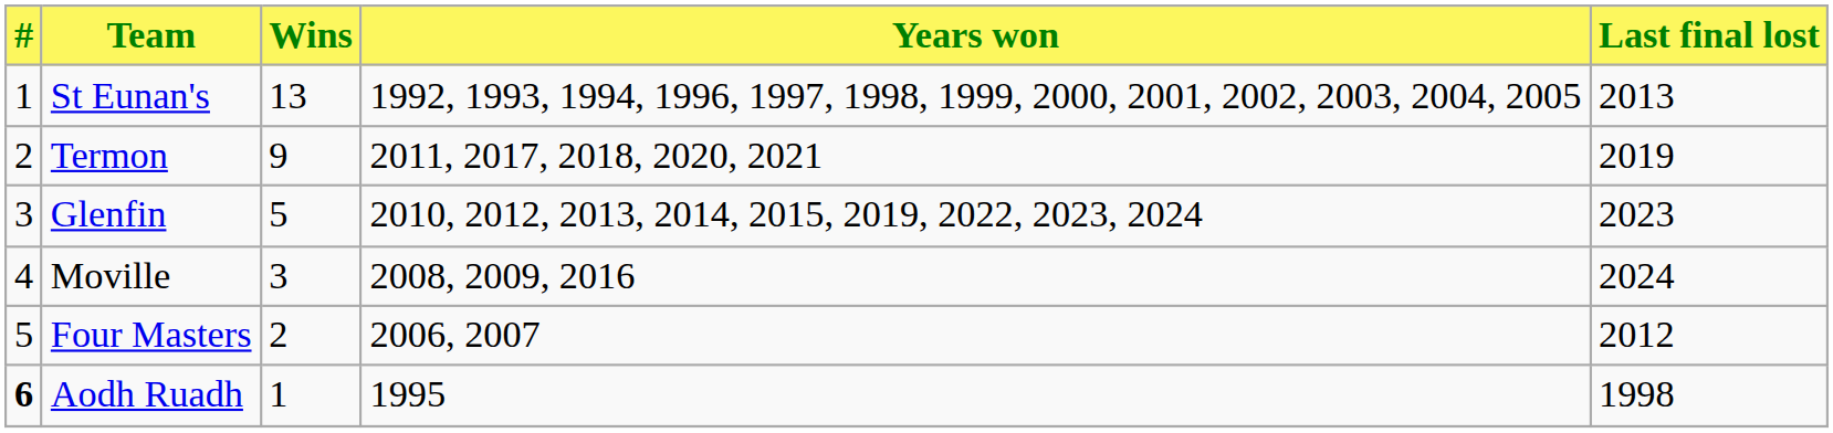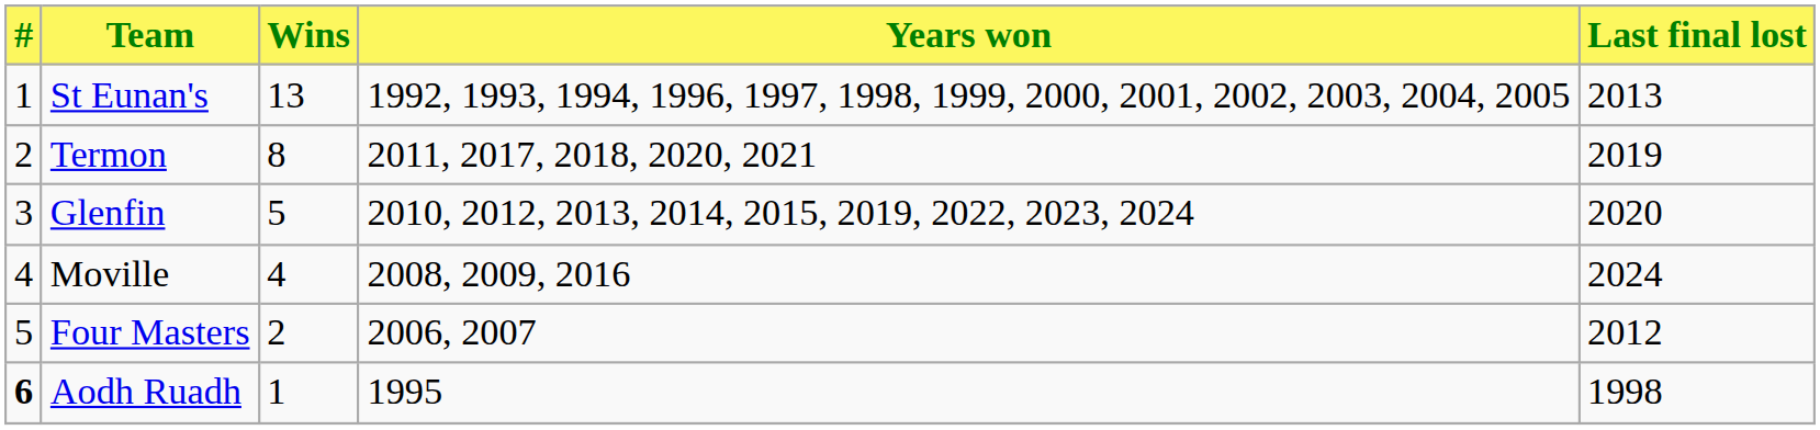 <table class="wikitable">
 <tr>
 <th style="background:#FCF75E;color:green;">#</th>
 <th style="background:#FCF75E;color:green;">Team</th>
 <th style="background:#FCF75E;color:green;">Wins</th>
 <th style="background:#FCF75E;color:green;">Years won</th>
 <th style="background:#FCF75E;color:green;">Last final lost</th>
 </tr>
 <tr>
 <td>1</td>
 <td><a href='#'>St Eunan's</a></td>
 <td>13</td>
 <td>1992, 1993, 1994, 1996, 1997, 1998, 1999, 2000, 2001, 2002, 2003, 2004, 2005</td>
 <td>2013</td>
 </tr>
 <tr>
 <td>2</td>
 <td><a href='#'>Termon</a></td>
-<td>9</td>
+<td>8</td>
 <td>2011, 2017, 2018, 2020, 2021</td>
 <td>2019</td>
 </tr>
 <tr>
 <td>3</td>
 <td><a href='#'>Glenfin</a></td>
 <td>5</td>
 <td>2010, 2012, 2013, 2014, 2015, 2019, 2022, 2023, 2024</td>
-<td>2023</td>
+<td>2020</td>
 </tr>
 <tr>
 <td>4</td>
 <td>Moville</td>
-<td>3</td>
+<td>4</td>
 <td>2008, 2009, 2016</td>
 <td>2024</td>
 </tr>
 <tr>
 <td>5</td>
 <td><a href='#'>Four Masters</a></td>
 <td>2</td>
 <td>2006, 2007</td>
 <td>2012</td>
 </tr>
 <tr>
 <td><strong>6</strong></td>
 <td><a href='#'>Aodh Ruadh</a></td>
 <td>1</td>
 <td>1995</td>
 <td>1998</td>
 </tr>
 <tr>
 </tr>
 </table>
